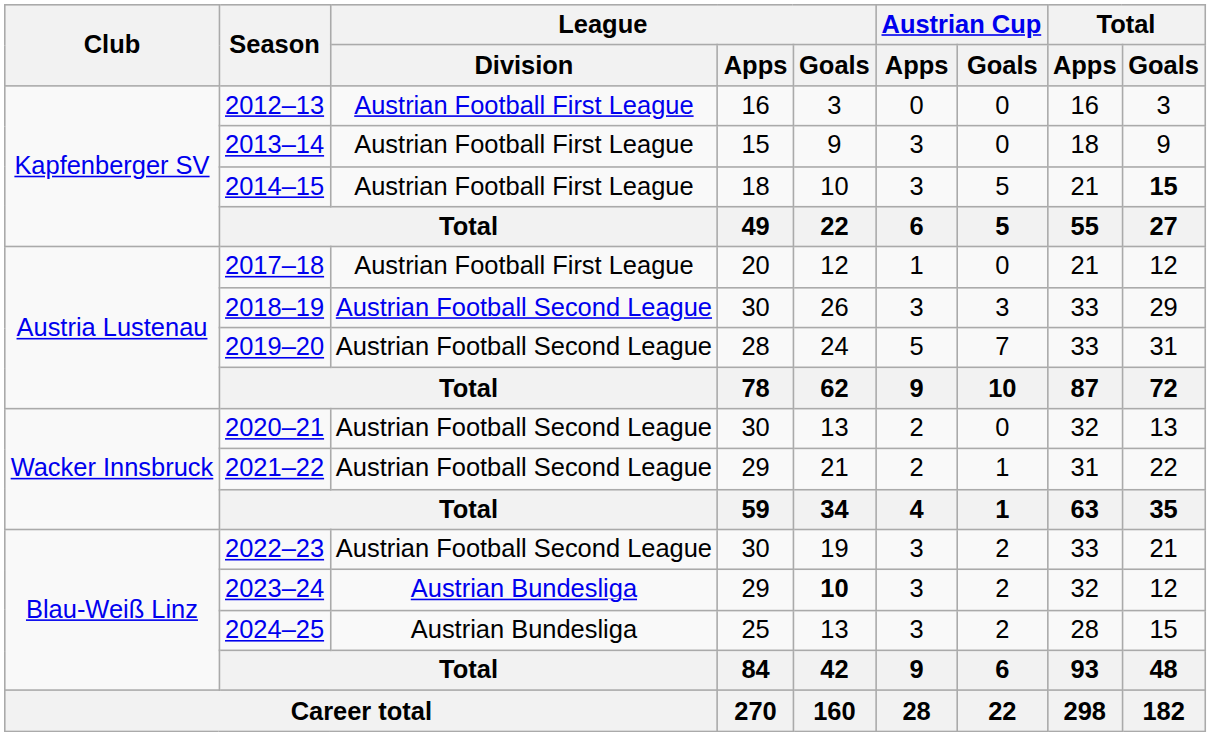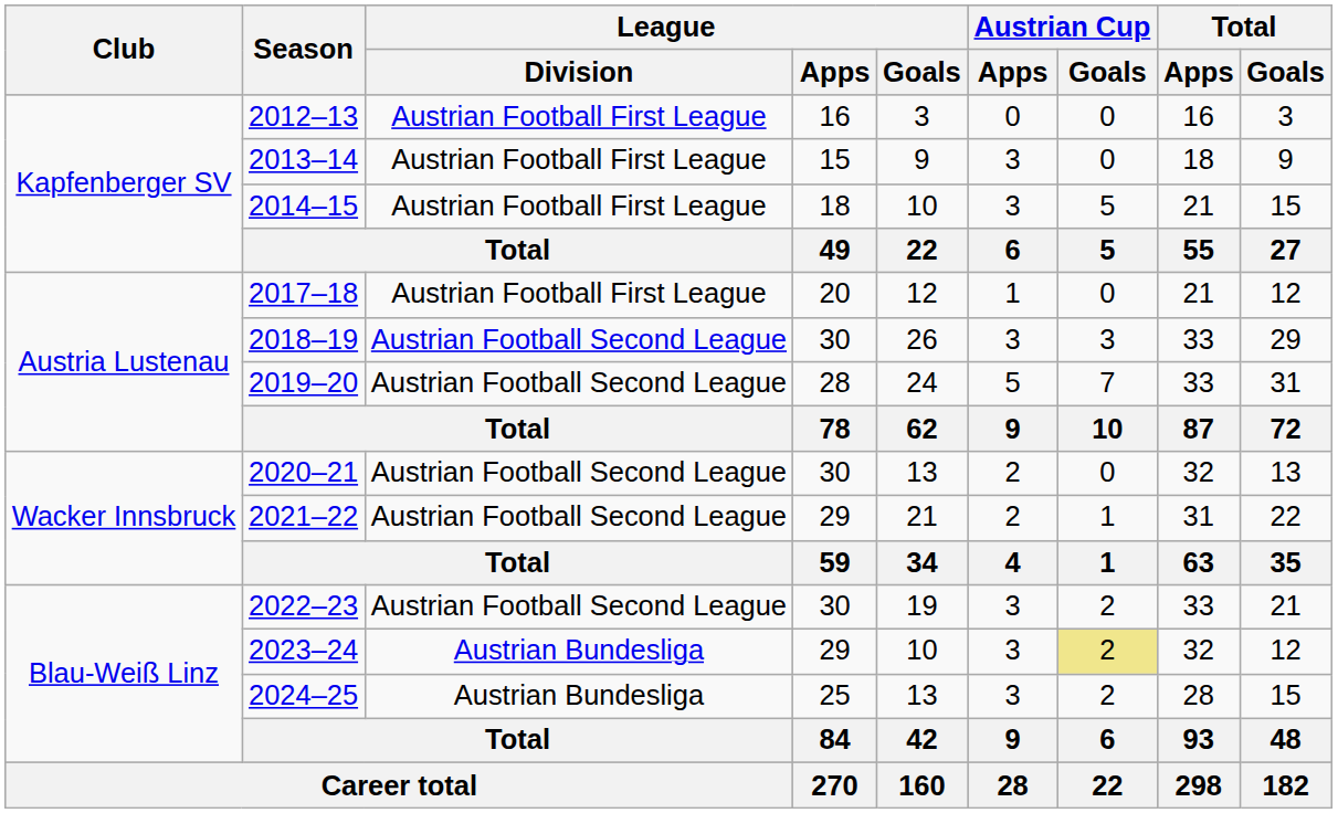 <table class="wikitable" style="text-align:center">
 <tr>
 <th rowspan="2">Club</th>
 <th rowspan="2">Season</th>
 <th colspan="3">League</th>
 <th colspan="2"><a href='#'>Austrian Cup</a></th>
 <th colspan="2">Total</th>
 </tr>
 <tr>
 <th>Division</th>
 <th>Apps</th>
 <th>Goals</th>
 <th>Apps</th>
 <th>Goals</th>
 <th>Apps</th>
 <th>Goals</th>
 </tr>
 <tr>
 <td rowspan="4"><a href='#'>Kapfenberger SV</a></td>
 <td><a href='#'>2012–13</a></td>
 <td><a href='#'>Austrian Football First League</a></td>
 <td>16</td>
 <td>3</td>
 <td>0</td>
 <td>0</td>
 <td>16</td>
 <td>3</td>
 </tr>
 <tr>
 <td><a href='#'>2013–14</a></td>
 <td>Austrian Football First League</td>
 <td>15</td>
 <td>9</td>
 <td>3</td>
 <td>0</td>
 <td>18</td>
 <td>9</td>
 </tr>
 <tr>
 <td><a href='#'>2014–15</a></td>
 <td>Austrian Football First League</td>
 <td>18</td>
 <td>10</td>
 <td>3</td>
 <td>5</td>
 <td>21</td>
-<td><strong>15</strong></td>
+<td>15</td>
 </tr>
 <tr>
 <th colspan="2">Total</th>
 <th>49</th>
 <th>22</th>
 <th>6</th>
 <th>5</th>
 <th>55</th>
 <th>27</th>
 </tr>
 <tr>
 <td rowspan="4"><a href='#'>Austria Lustenau</a></td>
 <td><a href='#'>2017–18</a></td>
 <td>Austrian Football First League</td>
 <td>20</td>
 <td>12</td>
 <td>1</td>
 <td>0</td>
 <td>21</td>
 <td>12</td>
 </tr>
 <tr>
 <td><a href='#'>2018–19</a></td>
 <td><a href='#'>Austrian Football Second League</a></td>
 <td>30</td>
 <td>26</td>
 <td>3</td>
 <td>3</td>
 <td>33</td>
 <td>29</td>
 </tr>
 <tr>
 <td><a href='#'>2019–20</a></td>
 <td>Austrian Football Second League</td>
 <td>28</td>
 <td>24</td>
 <td>5</td>
 <td>7</td>
 <td>33</td>
 <td>31</td>
 </tr>
 <tr>
 <th colspan="2">Total</th>
 <th>78</th>
 <th>62</th>
 <th>9</th>
 <th>10</th>
 <th>87</th>
 <th>72</th>
 </tr>
 <tr>
 <td rowspan="3"><a href='#'>Wacker Innsbruck</a></td>
 <td><a href='#'>2020–21</a></td>
 <td>Austrian Football Second League</td>
 <td>30</td>
 <td>13</td>
 <td>2</td>
 <td>0</td>
 <td>32</td>
 <td>13</td>
 </tr>
 <tr>
 <td><a href='#'>2021–22</a></td>
 <td>Austrian Football Second League</td>
 <td>29</td>
 <td>21</td>
 <td>2</td>
 <td>1</td>
 <td>31</td>
 <td>22</td>
 </tr>
 <tr>
 <th colspan="2">Total</th>
 <th>59</th>
 <th>34</th>
 <th>4</th>
 <th>1</th>
 <th>63</th>
 <th>35</th>
 </tr>
 <tr>
 <td rowspan="4"><a href='#'>Blau-Weiß Linz</a></td>
 <td><a href='#'>2022–23</a></td>
 <td>Austrian Football Second League</td>
 <td>30</td>
 <td>19</td>
 <td>3</td>
 <td>2</td>
 <td>33</td>
 <td>21</td>
 </tr>
 <tr>
 <td><a href='#'>2023–24</a></td>
 <td><a href='#'>Austrian Bundesliga</a></td>
 <td>29</td>
-<td><strong>10</strong></td>
+<td>10</td>
 <td>3</td>
-<td>2</td>
+<td style="background: khaki;">2</td>
 <td>32</td>
 <td>12</td>
 </tr>
 <tr>
 <td><a href='#'>2024–25</a></td>
 <td>Austrian Bundesliga</td>
 <td>25</td>
 <td>13</td>
 <td>3</td>
 <td>2</td>
 <td>28</td>
 <td>15</td>
 </tr>
 <tr>
 <th colspan="2">Total</th>
 <th>84</th>
 <th>42</th>
 <th>9</th>
 <th>6</th>
 <th>93</th>
 <th>48</th>
 </tr>
 <tr>
 <th colspan="3">Career total</th>
 <th>270</th>
 <th>160</th>
 <th>28</th>
 <th>22</th>
 <th>298</th>
 <th>182</th>
 </tr>
 </table>
